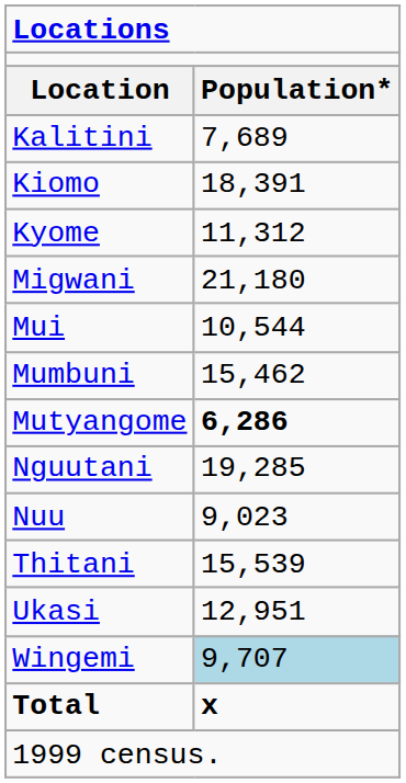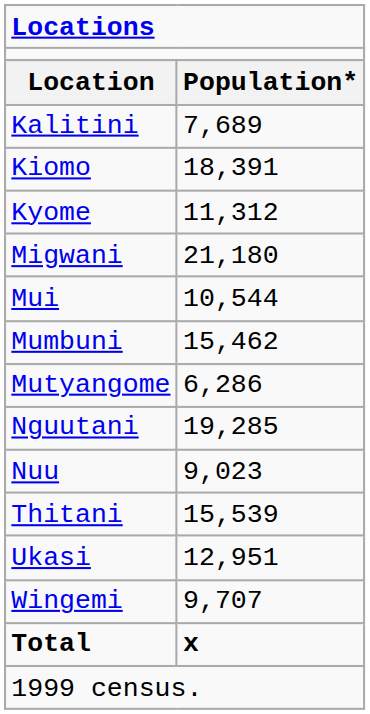 <table class="wikitable">
 <tr>
 <td colspan="2"><strong><a href='#'>Locations</a></strong></td>
 </tr>
 <tr>
 <td colspan="2"></td>
 </tr>
 <tr>
 <th>Location</th>
 <th>Population*</th>
 </tr>
 <tr>
 <td><a href='#'>Kalitini</a></td>
 <td>7,689</td>
 </tr>
 <tr>
 <td><a href='#'>Kiomo</a></td>
 <td>18,391</td>
 </tr>
 <tr>
 <td><a href='#'>Kyome</a></td>
 <td>11,312</td>
 </tr>
 <tr>
 <td><a href='#'>Migwani</a></td>
 <td>21,180</td>
 </tr>
 <tr>
 <td><a href='#'>Mui</a></td>
 <td>10,544</td>
 </tr>
 <tr>
 <td><a href='#'>Mumbuni</a></td>
 <td>15,462</td>
 </tr>
 <tr>
 <td><a href='#'>Mutyangome</a></td>
-<td><strong>6,286</strong></td>
+<td>6,286</td>
 </tr>
 <tr>
 <td><a href='#'>Nguutani</a></td>
 <td>19,285</td>
 </tr>
 <tr>
 <td><a href='#'>Nuu</a></td>
 <td>9,023</td>
 </tr>
 <tr>
 <td><a href='#'>Thitani</a></td>
 <td>15,539</td>
 </tr>
 <tr>
 <td><a href='#'>Ukasi</a></td>
 <td>12,951</td>
 </tr>
 <tr>
 <td><a href='#'>Wingemi</a></td>
-<td style="background: lightblue;">9,707</td>
+<td>9,707</td>
 </tr>
 <tr>
 <td><strong>Total</strong></td>
 <td><strong>x</strong></td>
 </tr>
 <tr>
 <td colspan="2">1999 census.</td>
 </tr>
 </table>
